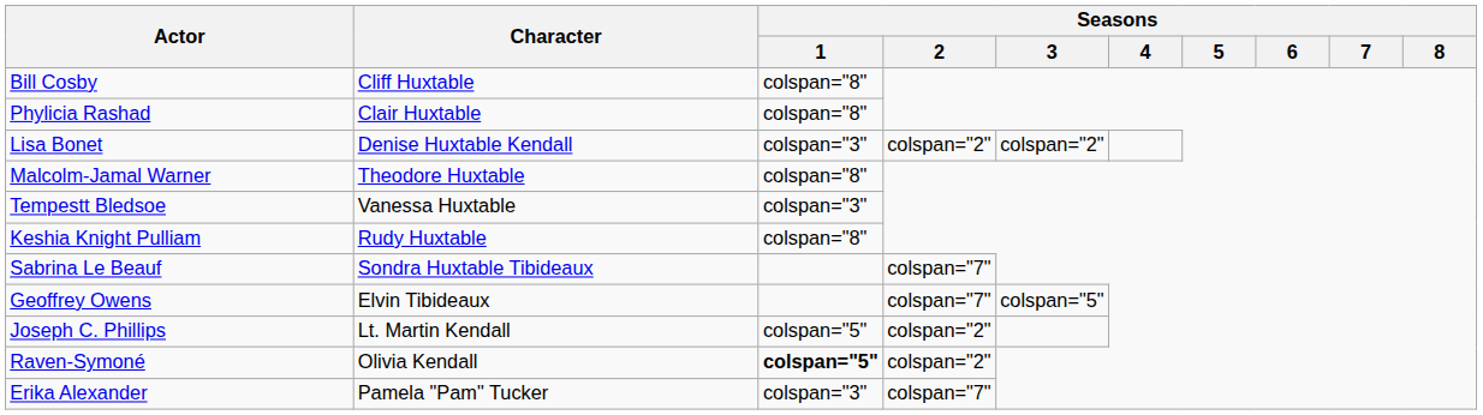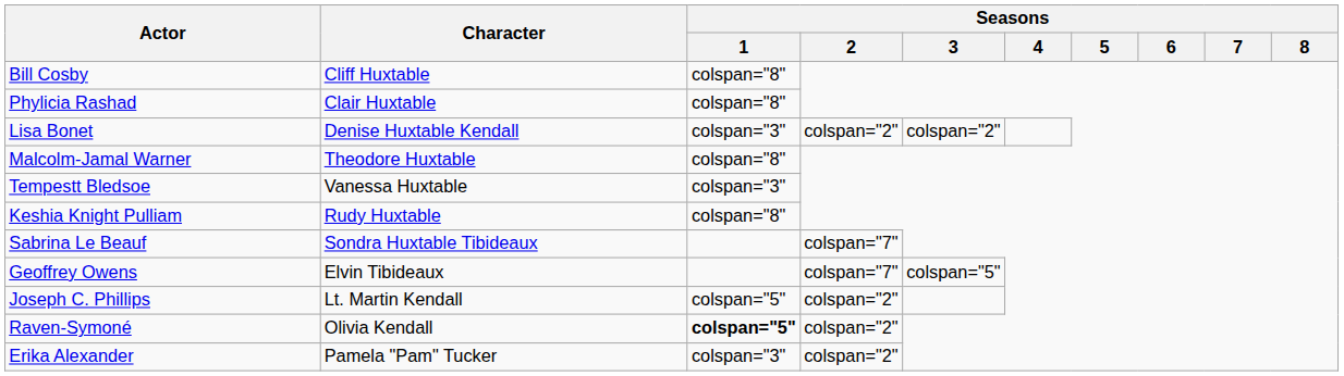 <table class="wikitable" style="width:95%">
 <tr>
 <th rowspan="2">Actor</th>
 <th rowspan="2">Character</th>
 <th colspan="8">Seasons</th>
 </tr>
 <tr>
 <th style="width:5%;">1</th>
 <th style="width:5%;">2</th>
 <th style="width:5%;">3</th>
 <th style="width:5%;">4</th>
 <th style="width:5%;">5</th>
 <th style="width:5%;">6</th>
 <th style="width:5%;">7</th>
 <th style="width:5%;">8</th>
 </tr>
 <tr>
 <td><a href='#'>Bill Cosby</a></td>
 <td><a href='#'>Cliff Huxtable</a></td>
 <td>colspan="8" </td>
 </tr>
 <tr>
 <td><a href='#'>Phylicia Rashad</a></td>
 <td><a href='#'>Clair Huxtable</a></td>
 <td>colspan="8" </td>
 </tr>
 <tr>
 <td><a href='#'>Lisa Bonet</a></td>
 <td><a href='#'>Denise Huxtable Kendall</a></td>
 <td>colspan="3" </td>
 <td>colspan="2" </td>
 <td>colspan="2" </td>
 <td></td>
 </tr>
 <tr>
 <td><a href='#'>Malcolm-Jamal Warner</a></td>
 <td><a href='#'>Theodore Huxtable</a></td>
 <td>colspan="8" </td>
 </tr>
 <tr>
 <td><a href='#'>Tempestt Bledsoe</a></td>
 <td>Vanessa Huxtable</td>
 <td>colspan="3" </td>
 </tr>
 <tr>
 <td><a href='#'>Keshia Knight Pulliam</a></td>
 <td><a href='#'>Rudy Huxtable</a></td>
 <td>colspan="8" </td>
 </tr>
 <tr>
 <td><a href='#'>Sabrina Le Beauf</a></td>
 <td><a href='#'>Sondra Huxtable Tibideaux</a></td>
 <td></td>
 <td>colspan="7" </td>
 </tr>
 <tr>
 <td><a href='#'>Geoffrey Owens</a></td>
 <td>Elvin Tibideaux</td>
 <td></td>
 <td>colspan="7" </td>
 <td>colspan="5" </td>
 </tr>
 <tr>
 <td><a href='#'>Joseph C. Phillips</a></td>
 <td>Lt. Martin Kendall</td>
 <td>colspan="5" </td>
 <td>colspan="2" </td>
 <td></td>
 </tr>
 <tr>
 <td><a href='#'>Raven-Symoné</a></td>
 <td>Olivia Kendall</td>
 <td><strong>colspan="5" </strong></td>
 <td>colspan="2" </td>
 </tr>
 <tr>
 <td><a href='#'>Erika Alexander</a></td>
 <td>Pamela "Pam" Tucker</td>
 <td>colspan="3" </td>
-<td>colspan="7" </td>
+<td>colspan="2" </td>
 </tr>
 </table>
